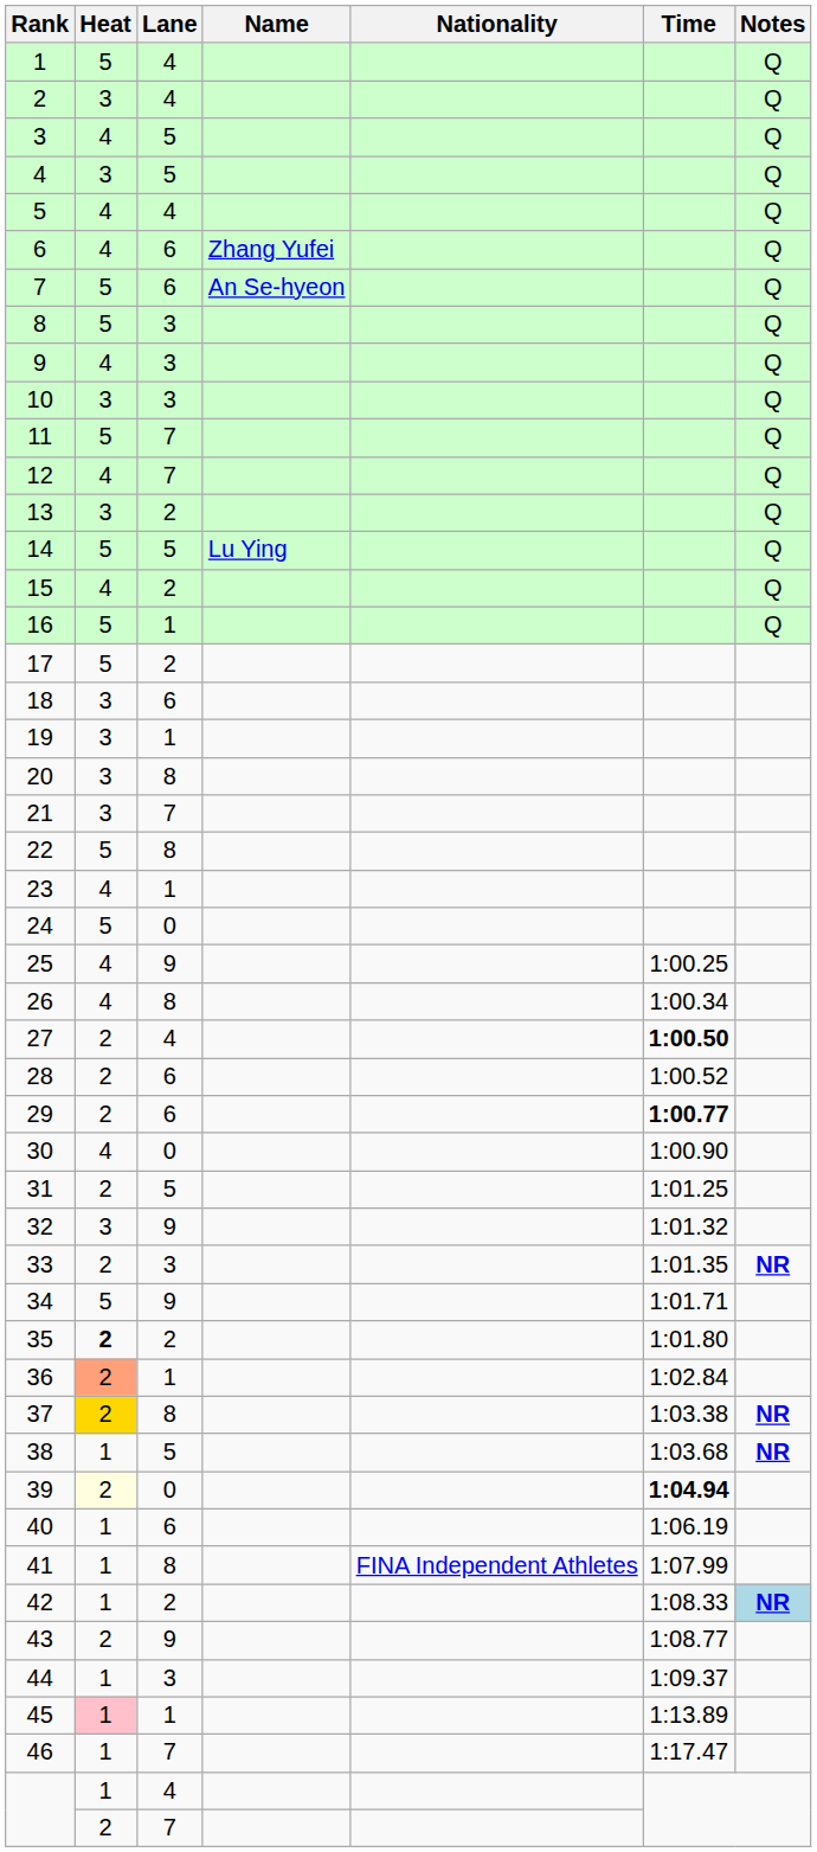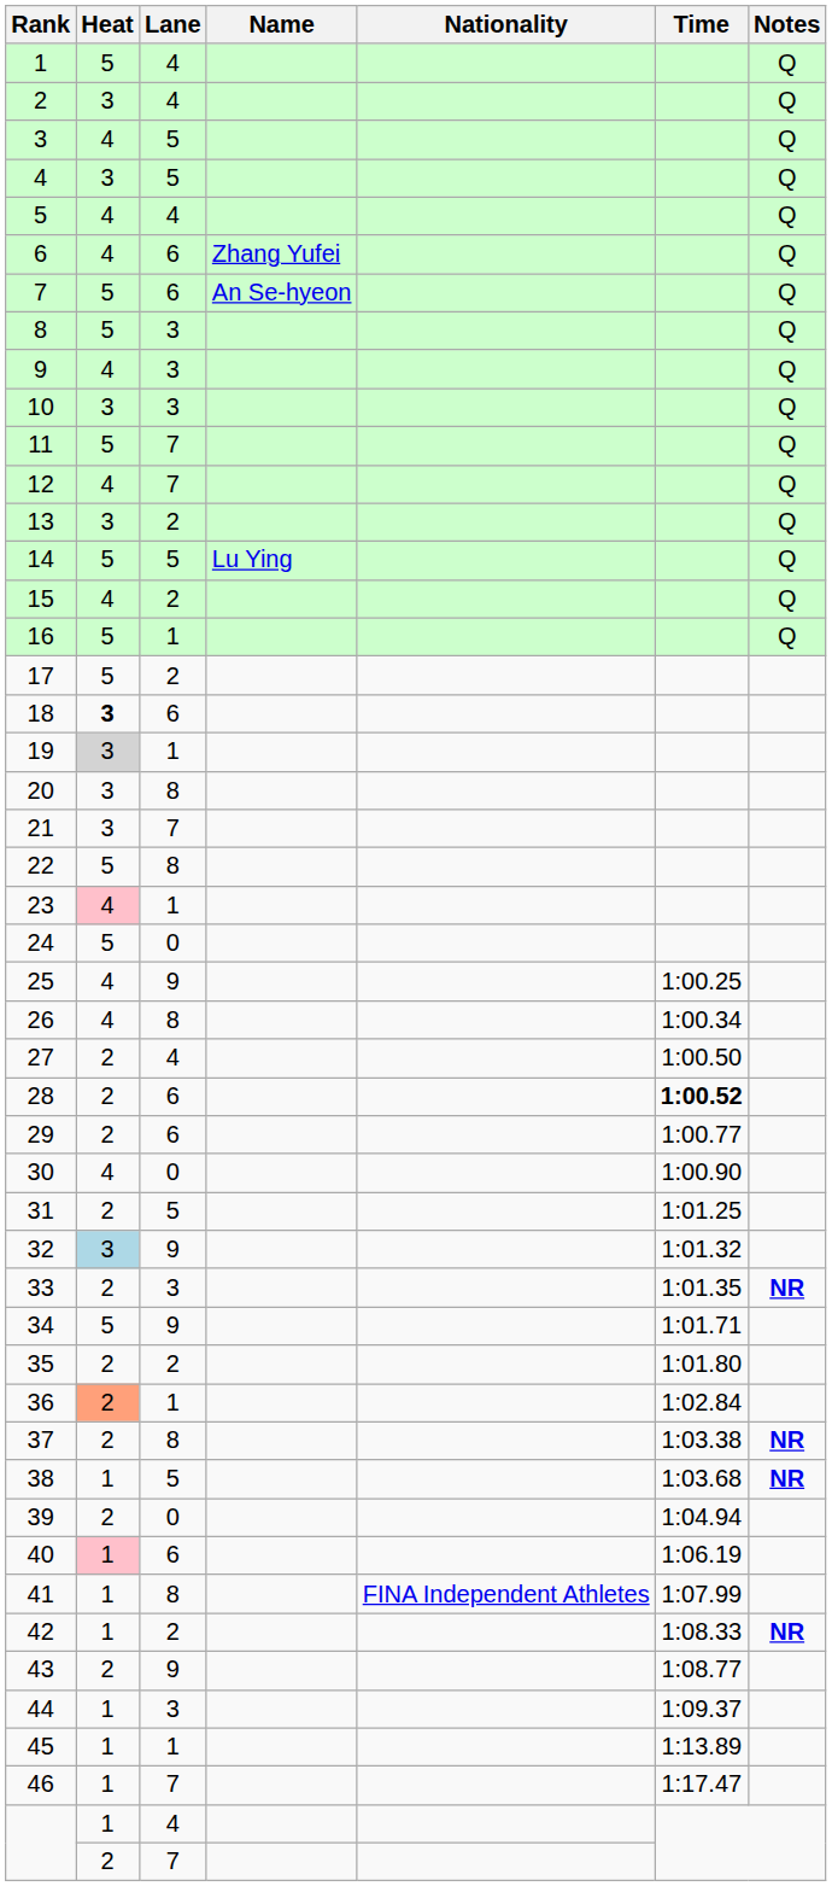 <table class="wikitable sortable" style="text-align:center">
 <tr>
 <th>Rank</th>
 <th>Heat</th>
 <th>Lane</th>
 <th>Name</th>
 <th>Nationality</th>
 <th>Time</th>
 <th>Notes</th>
 </tr>
 <tr bgcolor=ccffcc>
 <td>1</td>
 <td>5</td>
 <td>4</td>
 <td align=left></td>
 <td align=left></td>
 <td></td>
 <td>Q</td>
 </tr>
 <tr bgcolor=ccffcc>
 <td>2</td>
 <td>3</td>
 <td>4</td>
 <td align=left></td>
 <td align=left></td>
 <td></td>
 <td>Q</td>
 </tr>
 <tr bgcolor=ccffcc>
 <td>3</td>
 <td>4</td>
 <td>5</td>
 <td align=left></td>
 <td align=left></td>
 <td></td>
 <td>Q</td>
 </tr>
 <tr bgcolor=ccffcc>
 <td>4</td>
 <td>3</td>
 <td>5</td>
 <td align=left></td>
 <td align=left></td>
 <td></td>
 <td>Q</td>
 </tr>
 <tr bgcolor=ccffcc>
 <td>5</td>
 <td>4</td>
 <td>4</td>
 <td align=left></td>
 <td align=left></td>
 <td></td>
 <td>Q</td>
 </tr>
 <tr bgcolor=ccffcc>
 <td>6</td>
 <td>4</td>
 <td>6</td>
 <td align=left><a href='#'>Zhang Yufei</a></td>
 <td align=left></td>
 <td></td>
 <td>Q</td>
 </tr>
 <tr bgcolor=ccffcc>
 <td>7</td>
 <td>5</td>
 <td>6</td>
 <td align=left><a href='#'>An Se-hyeon</a></td>
 <td align=left></td>
 <td></td>
 <td>Q</td>
 </tr>
 <tr bgcolor=ccffcc>
 <td>8</td>
 <td>5</td>
 <td>3</td>
 <td align=left></td>
 <td align=left></td>
 <td></td>
 <td>Q</td>
 </tr>
 <tr bgcolor=ccffcc>
 <td>9</td>
 <td>4</td>
 <td>3</td>
 <td align=left></td>
 <td align=left></td>
 <td></td>
 <td>Q</td>
 </tr>
 <tr bgcolor=ccffcc>
 <td>10</td>
 <td>3</td>
 <td>3</td>
 <td align=left></td>
 <td align=left></td>
 <td></td>
 <td>Q</td>
 </tr>
 <tr bgcolor=ccffcc>
 <td>11</td>
 <td>5</td>
 <td>7</td>
 <td align=left></td>
 <td align=left></td>
 <td></td>
 <td>Q</td>
 </tr>
 <tr bgcolor=ccffcc>
 <td>12</td>
 <td>4</td>
 <td>7</td>
 <td align=left></td>
 <td align=left></td>
 <td></td>
 <td>Q</td>
 </tr>
 <tr bgcolor=ccffcc>
 <td>13</td>
 <td>3</td>
 <td>2</td>
 <td align=left></td>
 <td align=left></td>
 <td></td>
 <td>Q</td>
 </tr>
 <tr bgcolor=ccffcc>
 <td>14</td>
 <td>5</td>
 <td>5</td>
 <td align=left><a href='#'>Lu Ying</a></td>
 <td align=left></td>
 <td></td>
 <td>Q</td>
 </tr>
 <tr bgcolor=ccffcc>
 <td>15</td>
 <td>4</td>
 <td>2</td>
 <td align=left></td>
 <td align=left></td>
 <td></td>
 <td>Q</td>
 </tr>
 <tr bgcolor=ccffcc>
 <td>16</td>
 <td>5</td>
 <td>1</td>
 <td align=left></td>
 <td align=left></td>
 <td></td>
 <td>Q</td>
 </tr>
 <tr>
 <td>17</td>
 <td>5</td>
 <td>2</td>
 <td align=left></td>
 <td align=left></td>
 <td></td>
 <td></td>
 </tr>
 <tr>
 <td>18</td>
-<td>3</td>
+<td><strong>3</strong></td>
 <td>6</td>
 <td align=left></td>
 <td align=left></td>
 <td></td>
 <td></td>
 </tr>
 <tr>
 <td>19</td>
-<td>3</td>
+<td style="background: lightgrey;">3</td>
 <td>1</td>
 <td align=left></td>
 <td align=left></td>
 <td></td>
 <td></td>
 </tr>
 <tr>
 <td>20</td>
 <td>3</td>
 <td>8</td>
 <td align=left></td>
 <td align=left></td>
 <td></td>
 <td></td>
 </tr>
 <tr>
 <td>21</td>
 <td>3</td>
 <td>7</td>
 <td align=left></td>
 <td align=left></td>
 <td></td>
 <td></td>
 </tr>
 <tr>
 <td>22</td>
 <td>5</td>
 <td>8</td>
 <td align=left></td>
 <td align=left></td>
 <td></td>
 <td></td>
 </tr>
 <tr>
 <td>23</td>
-<td>4</td>
+<td style="background: pink;">4</td>
 <td>1</td>
 <td align=left></td>
 <td align=left></td>
 <td></td>
 <td></td>
 </tr>
 <tr>
 <td>24</td>
 <td>5</td>
 <td>0</td>
 <td align=left></td>
 <td align=left></td>
 <td></td>
 <td></td>
 </tr>
 <tr>
 <td>25</td>
 <td>4</td>
 <td>9</td>
 <td align=left></td>
 <td align=left></td>
 <td>1:00.25</td>
 <td></td>
 </tr>
 <tr>
 <td>26</td>
 <td>4</td>
 <td>8</td>
 <td align=left></td>
 <td align=left></td>
 <td>1:00.34</td>
 <td></td>
 </tr>
 <tr>
 <td>27</td>
 <td>2</td>
 <td>4</td>
 <td align=left></td>
 <td align=left></td>
-<td><strong>1:00.50</strong></td>
+<td>1:00.50</td>
 <td></td>
 </tr>
 <tr>
 <td>28</td>
 <td>2</td>
 <td>6</td>
 <td align=left></td>
 <td align=left></td>
-<td>1:00.52</td>
+<td><strong>1:00.52</strong></td>
 <td></td>
 </tr>
 <tr>
 <td>29</td>
 <td>2</td>
 <td>6</td>
 <td align=left></td>
 <td align=left></td>
-<td><strong>1:00.77</strong></td>
+<td>1:00.77</td>
 <td></td>
 </tr>
 <tr>
 <td>30</td>
 <td>4</td>
 <td>0</td>
 <td align=left></td>
 <td align=left></td>
 <td>1:00.90</td>
 <td></td>
 </tr>
 <tr>
 <td>31</td>
 <td>2</td>
 <td>5</td>
 <td align=left></td>
 <td align=left></td>
 <td>1:01.25</td>
 <td></td>
 </tr>
 <tr>
 <td>32</td>
-<td>3</td>
+<td style="background: lightblue;">3</td>
 <td>9</td>
 <td align=left></td>
 <td align=left></td>
 <td>1:01.32</td>
 <td></td>
 </tr>
 <tr>
 <td>33</td>
 <td>2</td>
 <td>3</td>
 <td align=left></td>
 <td align=left></td>
 <td>1:01.35</td>
 <td><strong><a href='#'>NR</a></strong></td>
 </tr>
 <tr>
 <td>34</td>
 <td>5</td>
 <td>9</td>
 <td align=left></td>
 <td align=left></td>
 <td>1:01.71</td>
 <td></td>
 </tr>
 <tr>
 <td>35</td>
-<td><strong>2</strong></td>
+<td>2</td>
 <td>2</td>
 <td align=left></td>
 <td align=left></td>
 <td>1:01.80</td>
 <td></td>
 </tr>
 <tr>
 <td>36</td>
 <td style="background: lightsalmon;">2</td>
 <td>1</td>
 <td align=left></td>
 <td align=left></td>
 <td>1:02.84</td>
 <td></td>
 </tr>
 <tr>
 <td>37</td>
-<td style="background: gold;">2</td>
+<td>2</td>
 <td>8</td>
 <td align=left></td>
 <td align=left></td>
 <td>1:03.38</td>
 <td><strong><a href='#'>NR</a></strong></td>
 </tr>
 <tr>
 <td>38</td>
 <td>1</td>
 <td>5</td>
 <td align=left></td>
 <td align=left></td>
 <td>1:03.68</td>
 <td><strong><a href='#'>NR</a></strong></td>
 </tr>
 <tr>
 <td>39</td>
-<td style="background: lightyellow;">2</td>
+<td>2</td>
 <td>0</td>
 <td align=left></td>
 <td align=left></td>
-<td><strong>1:04.94</strong></td>
+<td>1:04.94</td>
 <td></td>
 </tr>
 <tr>
 <td>40</td>
-<td>1</td>
+<td style="background: pink;">1</td>
 <td>6</td>
 <td align=left></td>
 <td align=left></td>
 <td>1:06.19</td>
 <td></td>
 </tr>
 <tr>
 <td>41</td>
 <td>1</td>
 <td>8</td>
 <td align=left></td>
 <td align=left><a href='#'>FINA Independent Athletes</a></td>
 <td>1:07.99</td>
 <td></td>
 </tr>
 <tr>
 <td>42</td>
 <td>1</td>
 <td>2</td>
 <td align=left></td>
 <td align=left></td>
 <td>1:08.33</td>
-<td style="background: lightblue;"><strong><a href='#'>NR</a></strong></td>
+<td><strong><a href='#'>NR</a></strong></td>
 </tr>
 <tr>
 <td>43</td>
 <td>2</td>
 <td>9</td>
 <td align=left></td>
 <td align=left></td>
 <td>1:08.77</td>
 <td></td>
 </tr>
 <tr>
 <td>44</td>
 <td>1</td>
 <td>3</td>
 <td align=left></td>
 <td align=left></td>
 <td>1:09.37</td>
 <td></td>
 </tr>
 <tr>
 <td>45</td>
-<td style="background: pink;">1</td>
+<td>1</td>
 <td>1</td>
 <td align=left></td>
 <td align=left></td>
 <td>1:13.89</td>
 <td></td>
 </tr>
 <tr>
 <td>46</td>
 <td>1</td>
 <td>7</td>
 <td align=left></td>
 <td align=left></td>
 <td>1:17.47</td>
 <td></td>
 </tr>
 <tr>
 <td rowspan=2></td>
 <td>1</td>
 <td>4</td>
 <td align=left></td>
 <td align=left></td>
 <td rowspan=2 colspan=2></td>
 </tr>
 <tr>
 <td>2</td>
 <td>7</td>
 <td align=left></td>
 <td align=left></td>
 </tr>
 </table>
